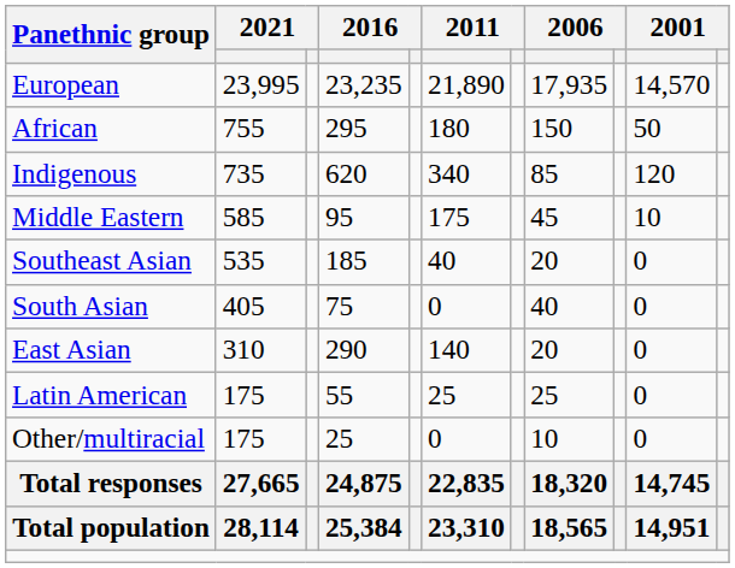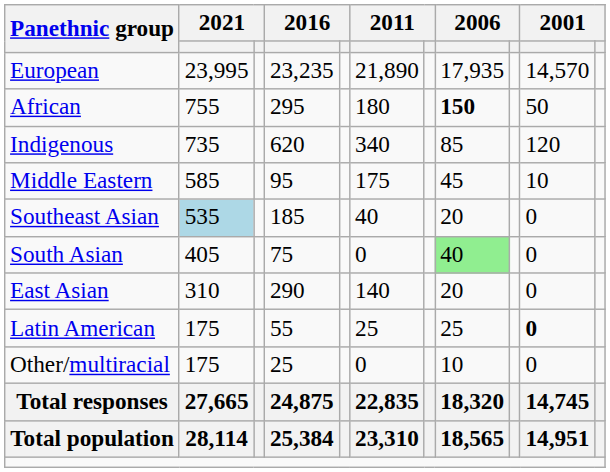 <table class="wikitable collapsible sortable">
 <tr>
 <th rowspan="2"><a href='#'>Panethnic</a> group</th>
 <th colspan="2">2021</th>
 <th colspan="2">2016</th>
 <th colspan="2">2011</th>
 <th colspan="2">2006</th>
 <th colspan="2">2001</th>
 </tr>
 <tr>
 <th><a href='#'></a></th>
 <th></th>
 <th></th>
 <th></th>
 <th></th>
 <th></th>
 <th></th>
 <th></th>
 <th></th>
 <th></th>
 </tr>
 <tr>
 <td><a href='#'>European</a></td>
 <td>23,995</td>
 <td></td>
 <td>23,235</td>
 <td></td>
 <td>21,890</td>
 <td></td>
 <td>17,935</td>
 <td></td>
 <td>14,570</td>
 <td></td>
 </tr>
 <tr>
 <td><a href='#'>African</a></td>
 <td>755</td>
 <td></td>
 <td>295</td>
 <td></td>
 <td>180</td>
 <td></td>
-<td>150</td>
+<td><strong>150</strong></td>
 <td></td>
 <td>50</td>
 <td></td>
 </tr>
 <tr>
 <td><a href='#'>Indigenous</a></td>
 <td>735</td>
 <td></td>
 <td>620</td>
 <td></td>
 <td>340</td>
 <td></td>
 <td>85</td>
 <td></td>
 <td>120</td>
 <td></td>
 </tr>
 <tr>
 <td><a href='#'>Middle Eastern</a></td>
 <td>585</td>
 <td></td>
 <td>95</td>
 <td></td>
 <td>175</td>
 <td></td>
 <td>45</td>
 <td></td>
 <td>10</td>
 <td></td>
 </tr>
 <tr>
 <td><a href='#'>Southeast Asian</a></td>
-<td>535</td>
+<td style="background: lightblue;">535</td>
 <td></td>
 <td>185</td>
 <td></td>
 <td>40</td>
 <td></td>
 <td>20</td>
 <td></td>
 <td>0</td>
 <td></td>
 </tr>
 <tr>
 <td><a href='#'>South Asian</a></td>
 <td>405</td>
 <td></td>
 <td>75</td>
 <td></td>
 <td>0</td>
 <td></td>
-<td>40</td>
+<td style="background: lightgreen;">40</td>
 <td></td>
 <td>0</td>
 <td></td>
 </tr>
 <tr>
 <td><a href='#'>East Asian</a></td>
 <td>310</td>
 <td></td>
 <td>290</td>
 <td></td>
 <td>140</td>
 <td></td>
 <td>20</td>
 <td></td>
 <td>0</td>
 <td></td>
 </tr>
 <tr>
 <td><a href='#'>Latin American</a></td>
 <td>175</td>
 <td></td>
 <td>55</td>
 <td></td>
 <td>25</td>
 <td></td>
 <td>25</td>
 <td></td>
-<td>0</td>
+<td><strong>0</strong></td>
 <td></td>
 </tr>
 <tr>
 <td>Other/<a href='#'>multiracial</a></td>
 <td>175</td>
 <td></td>
 <td>25</td>
 <td></td>
 <td>0</td>
 <td></td>
 <td>10</td>
 <td></td>
 <td>0</td>
 <td></td>
 </tr>
 <tr>
 <th>Total responses</th>
 <th>27,665</th>
 <th></th>
 <th>24,875</th>
 <th></th>
 <th>22,835</th>
 <th></th>
 <th>18,320</th>
 <th></th>
 <th>14,745</th>
 <th></th>
 </tr>
 <tr class="sortbottom">
 <th>Total population</th>
 <th>28,114</th>
 <th></th>
 <th>25,384</th>
 <th></th>
 <th>23,310</th>
 <th></th>
 <th>18,565</th>
 <th></th>
 <th>14,951</th>
 <th></th>
 </tr>
 <tr class="sortbottom">
 <td colspan="11"></td>
 </tr>
 </table>
